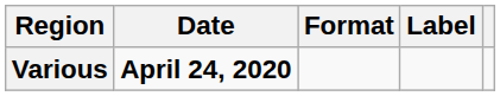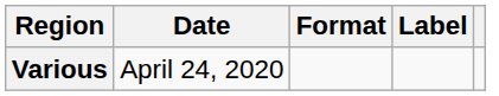 <table class="wikitable plainrowheaders">
 <tr>
 <th scope="col">Region</th>
 <th scope="col">Date</th>
 <th scope="col">Format</th>
 <th scope="col">Label</th>
 <th scope="col"></th>
 </tr>
 <tr>
 <th scope="row" rowspan="2">Various</th>
-<td><strong>April 24, 2020</strong></td>
+<td>April 24, 2020</td>
 <td></td>
 <td rowspan="2"></td>
 <td align="center"></td>
 </tr>
 </table>
